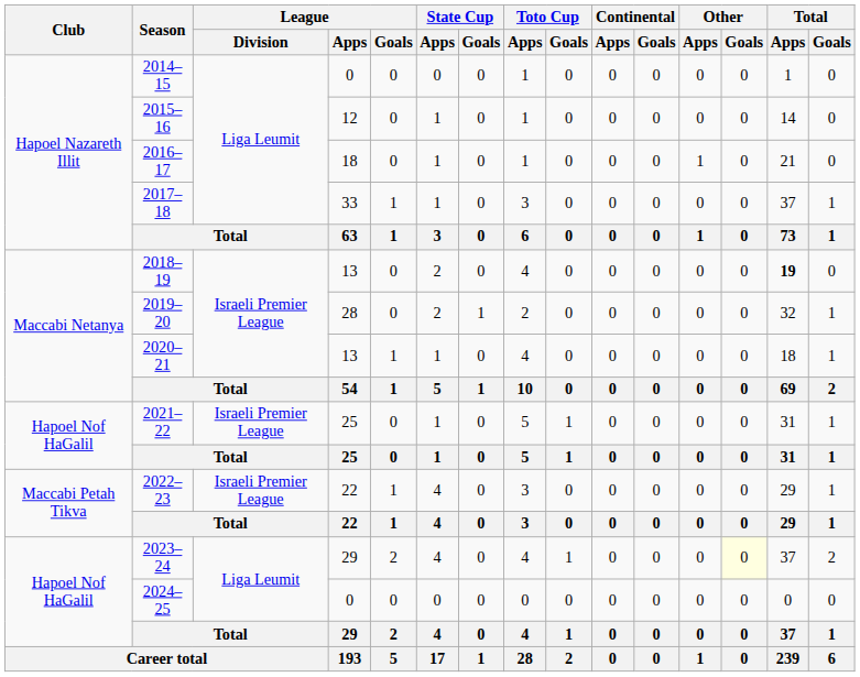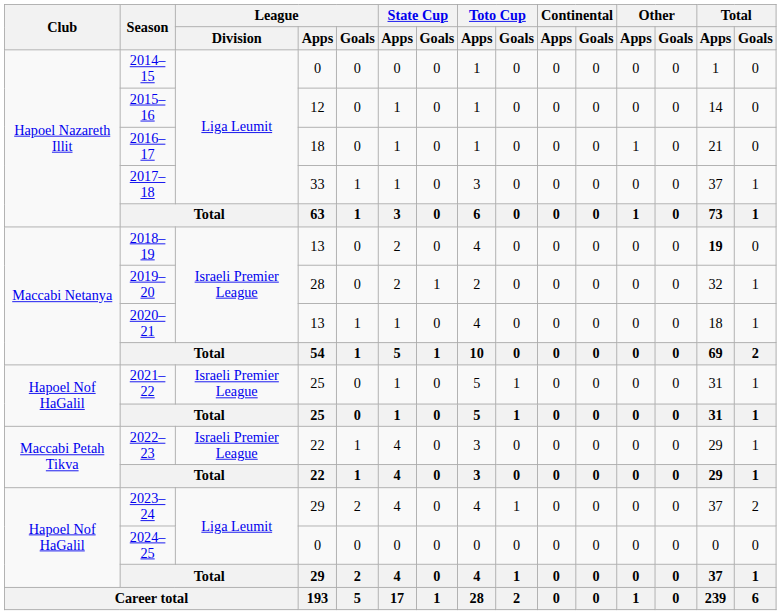 <table class="wikitable" style="text-align: center">
 <tr>
 <th rowspan="2">Club</th>
 <th rowspan="2">Season</th>
 <th colspan="3">League</th>
 <th colspan="2"><a href='#'>State Cup</a></th>
 <th colspan="2"><a href='#'>Toto Cup</a></th>
 <th colspan="2">Continental</th>
 <th colspan="2">Other</th>
 <th colspan="2">Total</th>
 </tr>
 <tr>
 <th>Division</th>
 <th>Apps</th>
 <th>Goals</th>
 <th>Apps</th>
 <th>Goals</th>
 <th>Apps</th>
 <th>Goals</th>
 <th>Apps</th>
 <th>Goals</th>
 <th>Apps</th>
 <th>Goals</th>
 <th>Apps</th>
 <th>Goals</th>
 </tr>
 <tr>
 <td rowspan="5"><a href='#'>Hapoel Nazareth Illit</a></td>
 <td><a href='#'>2014–15</a></td>
 <td rowspan="4"><a href='#'>Liga Leumit</a></td>
 <td>0</td>
 <td>0</td>
 <td>0</td>
 <td>0</td>
 <td>1</td>
 <td>0</td>
 <td>0</td>
 <td>0</td>
 <td>0</td>
 <td>0</td>
 <td>1</td>
 <td>0</td>
 </tr>
 <tr>
 <td><a href='#'>2015–16</a></td>
 <td>12</td>
 <td>0</td>
 <td>1</td>
 <td>0</td>
 <td>1</td>
 <td>0</td>
 <td>0</td>
 <td>0</td>
 <td>0</td>
 <td>0</td>
 <td>14</td>
 <td>0</td>
 </tr>
 <tr>
 <td><a href='#'>2016–17</a></td>
 <td>18</td>
 <td>0</td>
 <td>1</td>
 <td>0</td>
 <td>1</td>
 <td>0</td>
 <td>0</td>
 <td>0</td>
 <td>1</td>
 <td>0</td>
 <td>21</td>
 <td>0</td>
 </tr>
 <tr>
 <td><a href='#'>2017–18</a></td>
 <td>33</td>
 <td>1</td>
 <td>1</td>
 <td>0</td>
 <td>3</td>
 <td>0</td>
 <td>0</td>
 <td>0</td>
 <td>0</td>
 <td>0</td>
 <td>37</td>
 <td>1</td>
 </tr>
 <tr>
 <th colspan="2">Total</th>
 <th>63</th>
 <th>1</th>
 <th>3</th>
 <th>0</th>
 <th>6</th>
 <th>0</th>
 <th>0</th>
 <th>0</th>
 <th>1</th>
 <th>0</th>
 <th>73</th>
 <th>1</th>
 </tr>
 <tr>
 <td rowspan="4"><a href='#'>Maccabi Netanya</a></td>
 <td><a href='#'>2018–19</a></td>
 <td rowspan="3"><a href='#'>Israeli Premier League</a></td>
 <td>13</td>
 <td>0</td>
 <td>2</td>
 <td>0</td>
 <td>4</td>
 <td>0</td>
 <td>0</td>
 <td>0</td>
 <td>0</td>
 <td>0</td>
 <td><strong>19</strong></td>
 <td>0</td>
 </tr>
 <tr>
 <td><a href='#'>2019–20</a></td>
 <td>28</td>
 <td>0</td>
 <td>2</td>
 <td>1</td>
 <td>2</td>
 <td>0</td>
 <td>0</td>
 <td>0</td>
 <td>0</td>
 <td>0</td>
 <td>32</td>
 <td>1</td>
 </tr>
 <tr>
 <td><a href='#'>2020–21</a></td>
 <td>13</td>
 <td>1</td>
 <td>1</td>
 <td>0</td>
 <td>4</td>
 <td>0</td>
 <td>0</td>
 <td>0</td>
 <td>0</td>
 <td>0</td>
 <td>18</td>
 <td>1</td>
 </tr>
 <tr>
 <th colspan="2">Total</th>
 <th>54</th>
 <th>1</th>
 <th>5</th>
 <th>1</th>
 <th>10</th>
 <th>0</th>
 <th>0</th>
 <th>0</th>
 <th>0</th>
 <th>0</th>
 <th>69</th>
 <th>2</th>
 </tr>
 <tr>
 <td rowspan="2"><a href='#'>Hapoel Nof HaGalil</a></td>
 <td><a href='#'>2021–22</a></td>
 <td rowspan="1"><a href='#'>Israeli Premier League</a></td>
 <td>25</td>
 <td>0</td>
 <td>1</td>
 <td>0</td>
 <td>5</td>
 <td>1</td>
 <td>0</td>
 <td>0</td>
 <td>0</td>
 <td>0</td>
 <td>31</td>
 <td>1</td>
 </tr>
 <tr>
 <th colspan="2">Total</th>
 <th>25</th>
 <th>0</th>
 <th>1</th>
 <th>0</th>
 <th>5</th>
 <th>1</th>
 <th>0</th>
 <th>0</th>
 <th>0</th>
 <th>0</th>
 <th>31</th>
 <th>1</th>
 </tr>
 <tr>
 <td rowspan="2"><a href='#'>Maccabi Petah Tikva</a></td>
 <td><a href='#'>2022–23</a></td>
 <td rowspan="1"><a href='#'>Israeli Premier League</a></td>
 <td>22</td>
 <td>1</td>
 <td>4</td>
 <td>0</td>
 <td>3</td>
 <td>0</td>
 <td>0</td>
 <td>0</td>
 <td>0</td>
 <td>0</td>
 <td>29</td>
 <td>1</td>
 </tr>
 <tr>
 <th colspan="2">Total</th>
 <th>22</th>
 <th>1</th>
 <th>4</th>
 <th>0</th>
 <th>3</th>
 <th>0</th>
 <th>0</th>
 <th>0</th>
 <th>0</th>
 <th>0</th>
 <th>29</th>
 <th>1</th>
 </tr>
 <tr>
 <td rowspan="3"><a href='#'>Hapoel Nof HaGalil</a></td>
 <td><a href='#'>2023–24</a></td>
 <td rowspan="2"><a href='#'>Liga Leumit</a></td>
 <td>29</td>
 <td>2</td>
 <td>4</td>
 <td>0</td>
 <td>4</td>
 <td>1</td>
 <td>0</td>
 <td>0</td>
 <td>0</td>
-<td style="background: lightyellow;">0</td>
+<td>0</td>
 <td>37</td>
 <td>2</td>
 </tr>
 <tr>
 <td><a href='#'>2024–25</a></td>
 <td>0</td>
 <td>0</td>
 <td>0</td>
 <td>0</td>
 <td>0</td>
 <td>0</td>
 <td>0</td>
 <td>0</td>
 <td>0</td>
 <td>0</td>
 <td>0</td>
 <td>0</td>
 </tr>
 <tr>
 <th colspan="2">Total</th>
 <th>29</th>
 <th>2</th>
 <th>4</th>
 <th>0</th>
 <th>4</th>
 <th>1</th>
 <th>0</th>
 <th>0</th>
 <th>0</th>
 <th>0</th>
 <th>37</th>
 <th>1</th>
 </tr>
 <tr>
 <th colspan="3"><strong>Career total</strong></th>
 <th>193</th>
 <th>5</th>
 <th>17</th>
 <th>1</th>
 <th>28</th>
 <th>2</th>
 <th>0</th>
 <th>0</th>
 <th>1</th>
 <th>0</th>
 <th>239</th>
 <th>6</th>
 </tr>
 </table>
